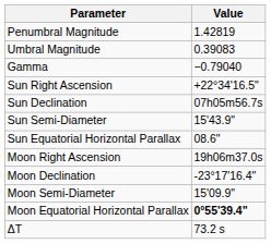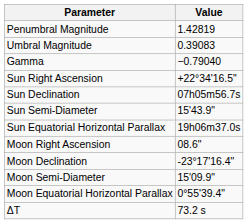 <table class="wikitable">
 <tr>
 <th>Parameter</th>
 <th>Value</th>
 </tr>
 <tr>
 <td>Penumbral Magnitude</td>
 <td>1.42819</td>
 </tr>
 <tr>
 <td>Umbral Magnitude</td>
 <td>0.39083</td>
 </tr>
 <tr>
 <td>Gamma</td>
 <td>−0.79040</td>
 </tr>
 <tr>
 <td>Sun Right Ascension</td>
 <td>+22°34'16.5"</td>
 </tr>
 <tr>
 <td>Sun Declination</td>
 <td>07h05m56.7s</td>
 </tr>
 <tr>
 <td>Sun Semi-Diameter</td>
 <td>15'43.9"</td>
 </tr>
 <tr>
 <td>Sun Equatorial Horizontal Parallax</td>
-<td>08.6"</td>
+<td>19h06m37.0s</td>
 </tr>
 <tr>
 <td>Moon Right Ascension</td>
-<td>19h06m37.0s</td>
+<td>08.6"</td>
 </tr>
 <tr>
 <td>Moon Declination</td>
 <td>-23°17'16.4"</td>
 </tr>
 <tr>
 <td>Moon Semi-Diameter</td>
 <td>15'09.9"</td>
 </tr>
 <tr>
 <td>Moon Equatorial Horizontal Parallax</td>
-<td><strong>0°55'39.4"</strong></td>
+<td>0°55'39.4"</td>
 </tr>
 <tr>
 <td>ΔT</td>
 <td>73.2 s</td>
 </tr>
 </table>
